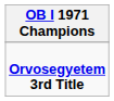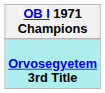 <table class="wikitable" style="text-align: center; margin: 0 auto;">
 <tr>
 <th><a href='#'>OB I</a> 1971<br>Champions</th>
 </tr>
 <tr>
 </tr>
 <tr>
-<td> <br><strong><a href='#'>Orvosegyetem</a></strong><br><strong>3rd Title</strong></td>
+<td style="background: paleturquoise;"> <br><strong><a href='#'>Orvosegyetem</a></strong><br><strong>3rd Title</strong></td>
 </tr>
 </table>
